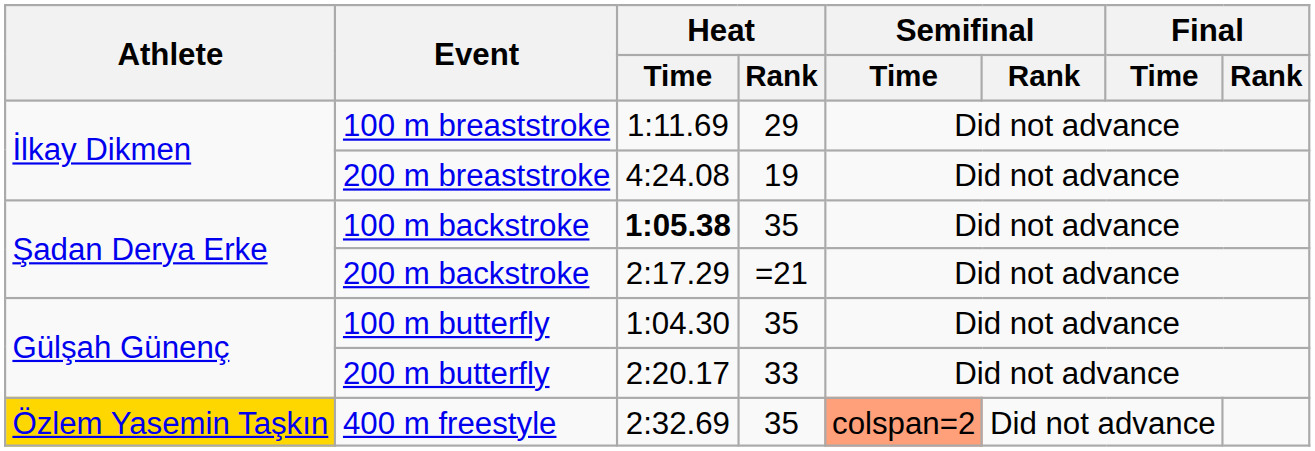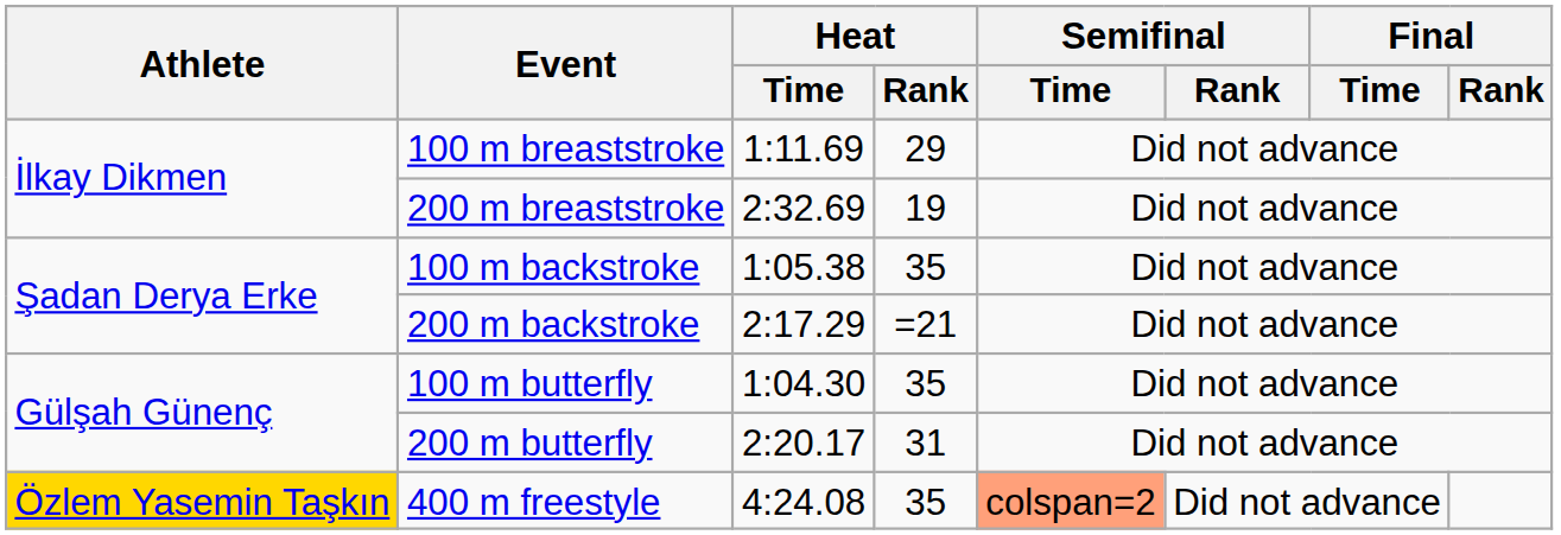 <table class=wikitable style="font-size:90%">
 <tr>
 <th rowspan="2">Athlete</th>
 <th rowspan="2">Event</th>
 <th colspan="2">Heat</th>
 <th colspan="2">Semifinal</th>
 <th colspan="2">Final</th>
 </tr>
 <tr style="font-size:95%">
 <th>Time</th>
 <th>Rank</th>
 <th>Time</th>
 <th>Rank</th>
 <th>Time</th>
 <th>Rank</th>
 </tr>
 <tr align=center>
 <td align=left rowspan=2><a href='#'>İlkay Dikmen</a></td>
 <td align=left><a href='#'>100 m breaststroke</a></td>
 <td>1:11.69</td>
 <td>29</td>
 <td colspan=4>Did not advance</td>
 </tr>
 <tr align=center>
 <td align=left><a href='#'>200 m breaststroke</a></td>
-<td>4:24.08</td>
+<td>2:32.69</td>
 <td>19</td>
 <td colspan=4>Did not advance</td>
 </tr>
 <tr align=center>
 <td align=left rowspan=2><a href='#'>Şadan Derya Erke</a></td>
 <td align=left><a href='#'>100 m backstroke</a></td>
-<td><strong>1:05.38</strong></td>
+<td>1:05.38</td>
 <td>35</td>
 <td colspan=4>Did not advance</td>
 </tr>
 <tr align=center>
 <td align=left><a href='#'>200 m backstroke</a></td>
 <td>2:17.29</td>
 <td>=21</td>
 <td colspan=4>Did not advance</td>
 </tr>
 <tr align=center>
 <td align=left rowspan=2><a href='#'>Gülşah Günenç</a></td>
 <td align=left><a href='#'>100 m butterfly</a></td>
 <td>1:04.30</td>
 <td>35</td>
 <td colspan=4>Did not advance</td>
 </tr>
 <tr align=center>
 <td align=left><a href='#'>200 m butterfly</a></td>
 <td>2:20.17</td>
-<td>33</td>
+<td>31</td>
 <td colspan=4>Did not advance</td>
 </tr>
 <tr align=center>
 <td align=left style="background: gold;"><a href='#'>Özlem Yasemin Taşkın</a></td>
 <td align=left><a href='#'>400 m freestyle</a></td>
-<td>2:32.69</td>
+<td>4:24.08</td>
 <td>35</td>
 <td style="background: lightsalmon;">colspan=2 </td>
 <td colspan=2>Did not advance</td>
 </tr>
 </table>
